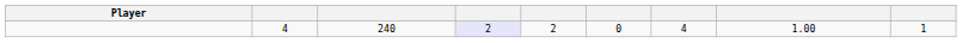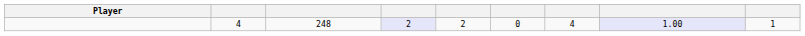 <table class="wikitable sortable" style="width:100%;">
 <tr style="text-align:center; background:#ddd;">
 <th>Player</th>
 <th></th>
 <th></th>
 <th></th>
 <th></th>
 <th></th>
 <th></th>
 <th></th>
 <th></th>
 </tr>
 <tr align=center>
 <td></td>
 <td>4</td>
-<td>240</td>
+<td>248</td>
 <td style="background: lavender;">2</td>
 <td>2</td>
 <td>0</td>
 <td>4</td>
-<td>1.00</td>
+<td style="background: lavender;">1.00</td>
 <td>1</td>
 </tr>
 </table>
